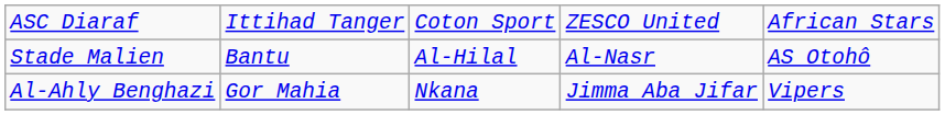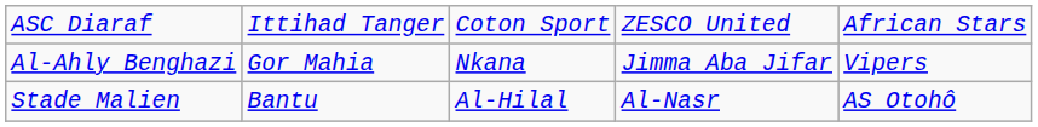 <table class="wikitable">
 <tr>
 <td> <em><a href='#'>ASC Diaraf</a></em></td>
 <td> <em><a href='#'>Ittihad Tanger</a></em></td>
 <td> <em><a href='#'>Coton Sport</a></em></td>
 <td> <em><a href='#'>ZESCO United</a></em></td>
 <td> <em><a href='#'>African Stars</a></em></td>
 </tr>
 <tr>
+<td> <em><a href='#'>Al-Ahly Benghazi</a></em></td>
+<td> <em><a href='#'>Gor Mahia</a></em></td>
+<td> <em><a href='#'>Nkana</a></em></td>
+<td> <em><a href='#'>Jimma Aba Jifar</a></em></td>
+<td> <em><a href='#'>Vipers</a></em></td>
+</tr>
+<tr>
 <td> <em><a href='#'>Stade Malien</a></em></td>
 <td> <em><a href='#'>Bantu</a></em></td>
 <td> <em><a href='#'>Al-Hilal</a></em></td>
 <td> <em><a href='#'>Al-Nasr</a></em></td>
 <td> <em><a href='#'>AS Otohô</a></em></td>
 </tr>
-<tr>
-<td> <em><a href='#'>Al-Ahly Benghazi</a></em></td>
-<td> <em><a href='#'>Gor Mahia</a></em></td>
-<td> <em><a href='#'>Nkana</a></em></td>
-<td> <em><a href='#'>Jimma Aba Jifar</a></em></td>
-<td> <em><a href='#'>Vipers</a></em></td>
-</tr>
 </table>
